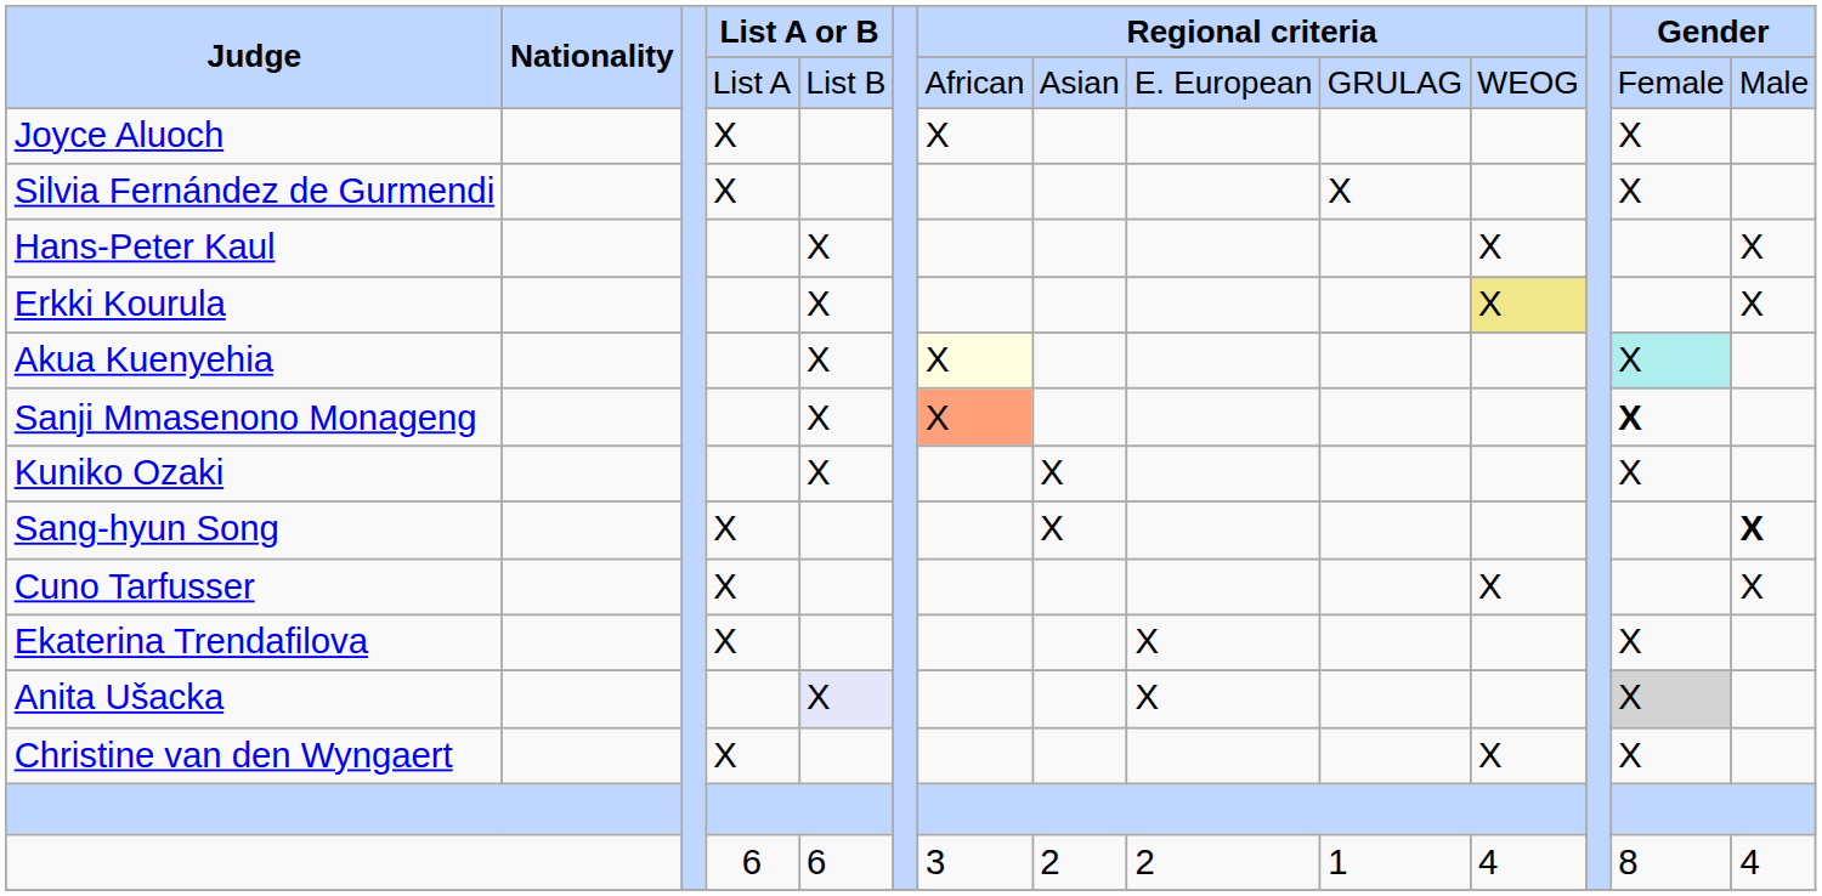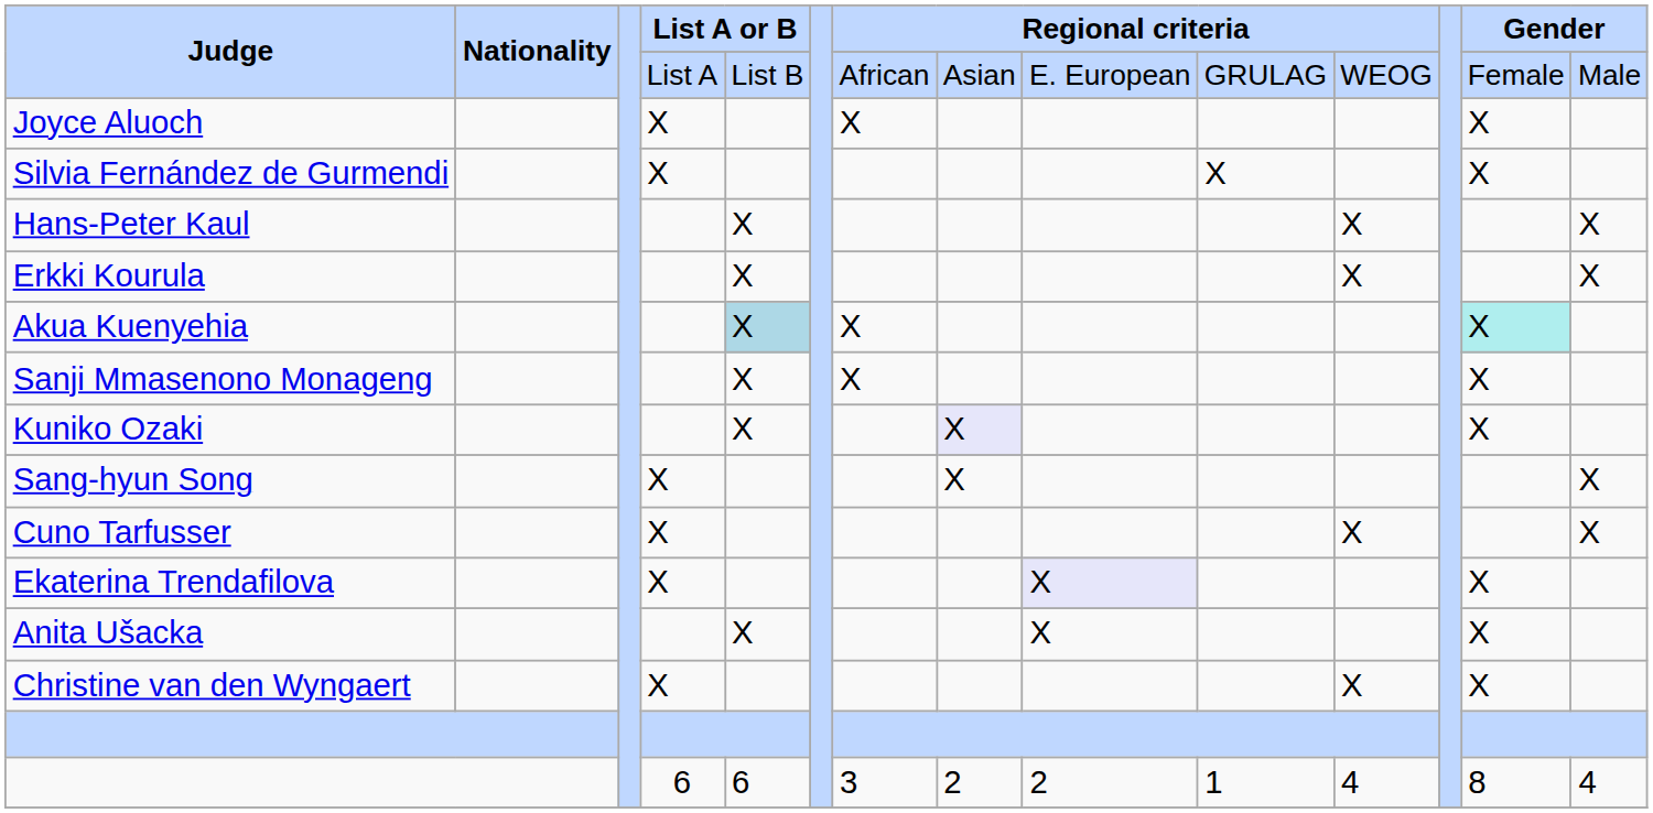 <table class="wikitable col3center col4center col5center col6center col7center col8center col9center col10center col11center">
 <tr bgcolor=#BFD7FF align="center" style="font-size:90%;">
 <td rowspan=2><strong>Judge</strong></td>
 <td rowspan=2><strong>Nationality</strong></td>
 <td rowspan=16> </td>
 <td colspan=2><strong>List A or B</strong></td>
 <td rowspan=16> </td>
 <td colspan=5><strong>Regional criteria</strong></td>
 <td rowspan=16> </td>
 <td colspan=2><strong>Gender</strong></td>
 </tr>
 <tr bgcolor=#BFD7FF align="center" style="font-size:90%;">
 <td>List A</td>
 <td>List B</td>
 <td>African</td>
 <td>Asian</td>
 <td>E. European</td>
 <td>GRULAG</td>
 <td>WEOG</td>
 <td>Female</td>
 <td>Male</td>
 </tr>
 <tr>
 <td><a href='#'>Joyce Aluoch</a></td>
 <td></td>
 <td>X</td>
 <td></td>
 <td>X</td>
 <td></td>
 <td></td>
 <td></td>
 <td></td>
 <td>X</td>
 <td></td>
 </tr>
 <tr>
 <td><a href='#'>Silvia Fernández de Gurmendi</a></td>
 <td></td>
 <td>X</td>
 <td></td>
 <td></td>
 <td></td>
 <td></td>
 <td>X</td>
 <td></td>
 <td>X</td>
 <td></td>
 </tr>
 <tr>
 <td><a href='#'>Hans-Peter Kaul</a></td>
 <td></td>
 <td></td>
 <td>X</td>
 <td></td>
 <td></td>
 <td></td>
 <td></td>
 <td>X</td>
 <td></td>
 <td>X</td>
 </tr>
 <tr>
 <td><a href='#'>Erkki Kourula</a></td>
 <td></td>
 <td></td>
 <td>X</td>
 <td></td>
 <td></td>
 <td></td>
 <td></td>
-<td style="background: khaki;">X</td>
+<td>X</td>
 <td></td>
 <td>X</td>
 </tr>
 <tr>
 <td><a href='#'>Akua Kuenyehia</a></td>
 <td></td>
 <td></td>
+<td style="background: lightblue;">X</td>
 <td>X</td>
-<td style="background: lightyellow;">X</td>
 <td></td>
 <td></td>
 <td></td>
 <td></td>
 <td style="background: paleturquoise;">X</td>
 <td></td>
 </tr>
 <tr>
 <td><a href='#'>Sanji Mmasenono Monageng</a></td>
 <td></td>
 <td></td>
 <td>X</td>
-<td style="background: lightsalmon;">X</td>
+<td>X</td>
 <td></td>
 <td></td>
 <td></td>
 <td></td>
-<td><strong>X</strong></td>
+<td>X</td>
 <td></td>
 </tr>
 <tr>
 <td><a href='#'>Kuniko Ozaki</a></td>
 <td></td>
 <td></td>
 <td>X</td>
 <td></td>
-<td>X</td>
+<td style="background: lavender;">X</td>
 <td></td>
 <td></td>
 <td></td>
 <td>X</td>
 <td></td>
 </tr>
 <tr>
 <td><a href='#'>Sang-hyun Song</a></td>
 <td></td>
 <td>X</td>
 <td></td>
 <td></td>
 <td>X</td>
 <td></td>
 <td></td>
 <td></td>
 <td></td>
-<td><strong>X</strong></td>
+<td>X</td>
 </tr>
 <tr>
 <td><a href='#'>Cuno Tarfusser</a></td>
 <td></td>
 <td>X</td>
 <td></td>
 <td></td>
 <td></td>
 <td></td>
 <td></td>
 <td>X</td>
 <td></td>
 <td>X</td>
 </tr>
 <tr>
 <td><a href='#'>Ekaterina Trendafilova</a></td>
 <td></td>
 <td>X</td>
 <td></td>
 <td></td>
 <td></td>
-<td>X</td>
+<td style="background: lavender;">X</td>
 <td></td>
 <td></td>
 <td>X</td>
 <td></td>
 </tr>
 <tr>
 <td><a href='#'>Anita Ušacka</a></td>
 <td></td>
 <td></td>
-<td style="background: lavender;">X</td>
+<td>X</td>
 <td></td>
 <td></td>
 <td>X</td>
 <td></td>
 <td></td>
-<td style="background: lightgrey;">X</td>
+<td>X</td>
 <td></td>
 </tr>
 <tr>
 <td><a href='#'>Christine van den Wyngaert</a></td>
 <td></td>
 <td>X</td>
 <td></td>
 <td></td>
 <td></td>
 <td></td>
 <td></td>
 <td>X</td>
 <td>X</td>
 <td></td>
 </tr>
 <tr bgcolor=#BFD7FF align="center" style="font-size:90%;">
 <td colspan=2> </td>
 <td colspan=2> </td>
 <td colspan=5> </td>
 <td colspan=2> </td>
 </tr>
 <tr>
 <td colspan=2></td>
 <td align="center">6</td>
 <td>6</td>
 <td>3</td>
 <td>2</td>
 <td>2</td>
 <td>1</td>
 <td>4</td>
 <td>8</td>
 <td>4</td>
 </tr>
 <tr>
 </tr>
 </table>
